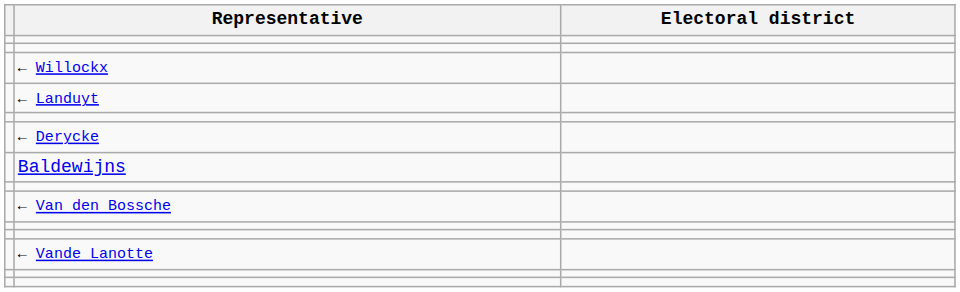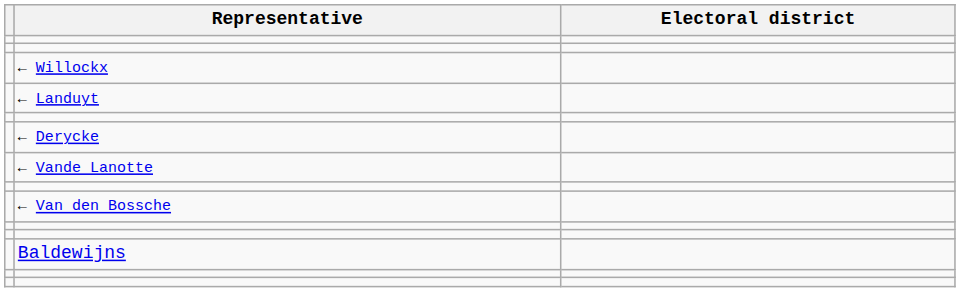 <table class="sortable wikitable" style="text-align:left; font-size:90%;">
 <tr>
 <th></th>
 <th width="350">Representative</th>
 <th width="250">Electoral district</th>
 </tr>
 <tr>
 <td></td>
 <td></td>
 <td></td>
 </tr>
 <tr>
 <td></td>
 <td></td>
 <td></td>
 </tr>
 <tr>
 <td></td>
 <td> <small>← <a href='#'>Willockx</a></small></td>
 <td></td>
 </tr>
 <tr>
 <td></td>
 <td> <small>← <a href='#'>Landuyt</a></small></td>
 <td></td>
 </tr>
 <tr>
 <td></td>
 <td></td>
 <td></td>
 </tr>
 <tr>
 <td></td>
 <td> <small>← <a href='#'>Derycke</a></small></td>
 <td></td>
 </tr>
 <tr>
 <td></td>
-<td> <a href='#'>Baldewijns</a></td>
+<td> <small>← <a href='#'>Vande Lanotte</a></small></td>
 <td></td>
 </tr>
 <tr>
 <td></td>
 <td></td>
 <td></td>
 </tr>
 <tr>
 <td></td>
 <td> <small>← <a href='#'>Van den Bossche</a></small></td>
 <td></td>
 </tr>
 <tr>
 <td></td>
 <td></td>
 <td></td>
 </tr>
 <tr>
 <td></td>
 <td></td>
 <td></td>
 </tr>
 <tr>
 <td></td>
-<td> <small>← <a href='#'>Vande Lanotte</a></small></td>
+<td> <a href='#'>Baldewijns</a></td>
 <td></td>
 </tr>
 <tr>
 <td></td>
 <td></td>
 <td></td>
 </tr>
 <tr>
 <td></td>
 <td></td>
 <td></td>
 </tr>
 </table>
